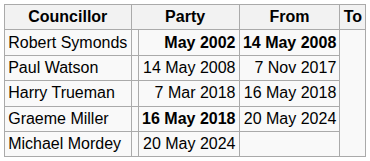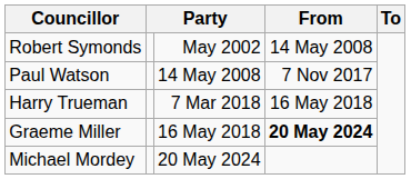 <table class="wikitable sortable">
 <tr>
 <th>Councillor</th>
 <th colspan=2>Party</th>
 <th>From</th>
 <th>To</th>
 </tr>
 <tr>
 <td>Robert Symonds</td>
 <td></td>
-<td align=right><strong>May 2002</strong></td>
-<td align=right><strong>14 May 2008</strong></td>
+<td align=right>May 2002</td>
+<td align=right>14 May 2008</td>
 </tr>
 <tr>
 <td>Paul Watson</td>
 <td></td>
 <td align=right>14 May 2008</td>
 <td align=right>7 Nov 2017</td>
 </tr>
 <tr>
 <td>Harry Trueman</td>
 <td></td>
 <td align=right>7 Mar 2018</td>
 <td align=right>16 May 2018</td>
 </tr>
 <tr>
 <td>Graeme Miller</td>
 <td></td>
-<td align=right><strong>16 May 2018</strong></td>
-<td align=right>20 May 2024</td>
+<td align=right>16 May 2018</td>
+<td align=right><strong>20 May 2024</strong></td>
 </tr>
 <tr>
 <td>Michael Mordey</td>
 <td></td>
 <td align=right>20 May 2024</td>
 <td align=right></td>
 </tr>
 </table>
